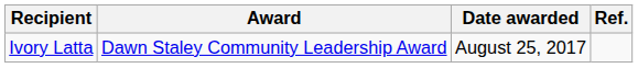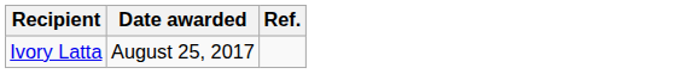 <table class="wikitable sortable sortable" style="text-align: center">
 <tr>
 <th>Recipient</th>
-<th>Award</th>
 <th>Date awarded</th>
 <th>Ref.</th>
 </tr>
 <tr>
 <td><a href='#'>Ivory Latta</a></td>
-<td><a href='#'>Dawn Staley Community Leadership Award</a></td>
 <td>August 25, 2017</td>
 <td></td>
 </tr>
 </table>
